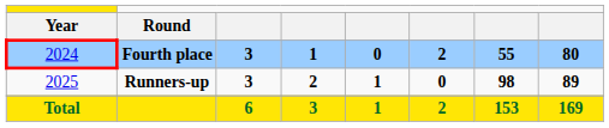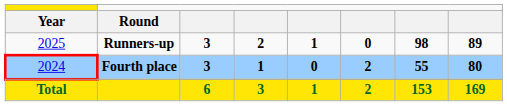 <table class="wikitable" style="text-align:center">
 <tr>
 <th style="background:#FFE605; color:#006629; "> </th>
 </tr>
 <tr>
 <th width=100px scope="col">Year</th>
 <th scope="col">Round</th>
 <th width=55px scope="col"></th>
 <th width=55px scope="col"></th>
 <th width=55px scope="col"></th>
 <th width=55px scope="col"></th>
 <th width=55px scope="col"></th>
 <th width=55px scope="col"></th>
 </tr>
+<tr>
+<td> <a href='#'>2025</a></td>
+<td><strong>Runners-up</strong></td>
+<td><strong>3</strong></td>
+<td><strong>2</strong></td>
+<td><strong>1</strong></td>
+<td><strong>0</strong></td>
+<td><strong>98</strong></td>
+<td><strong>89</strong></td>
+</tr>
 <tr style="background:#9ACDFF;">
 <td style="border: 3px solid red"> <a href='#'>2024</a></td>
 <td><strong>Fourth place</strong></td>
 <td><strong>3</strong></td>
 <td><strong>1</strong></td>
 <td><strong>0</strong></td>
 <td><strong>2</strong></td>
 <td><strong>55</strong></td>
 <td><strong>80</strong></td>
-</tr>
-<tr>
-<td> <a href='#'>2025</a></td>
-<td><strong>Runners-up</strong></td>
-<td><strong>3</strong></td>
-<td><strong>2</strong></td>
-<td><strong>1</strong></td>
-<td><strong>0</strong></td>
-<td><strong>98</strong></td>
-<td><strong>89</strong></td>
 </tr>
 <tr>
 </tr>
 <tr>
 <th style="background:#FFE605; color:#006629; ">Total</th>
 <th style="background:#FFE605; color:#006629; "></th>
 <th style="background:#FFE605; color:#006629; ">6</th>
 <th style="background:#FFE605; color:#006629; ">3</th>
 <th style="background:#FFE605; color:#006629; ">1</th>
 <th style="background:#FFE605; color:#006629; ">2</th>
 <th style="background:#FFE605; color:#006629; ">153</th>
 <th style="background:#FFE605; color:#006629; ">169</th>
 </tr>
 </table>
